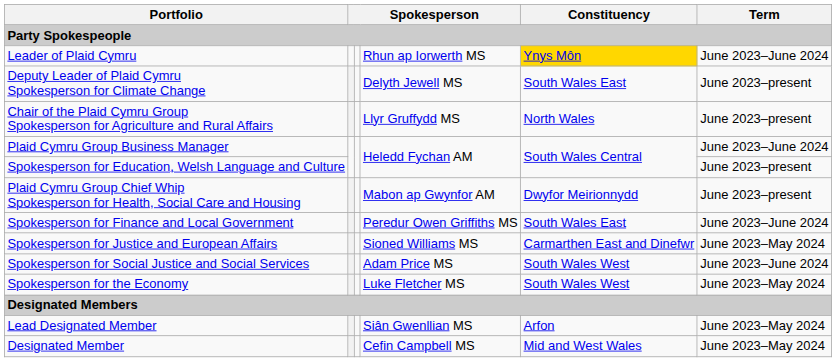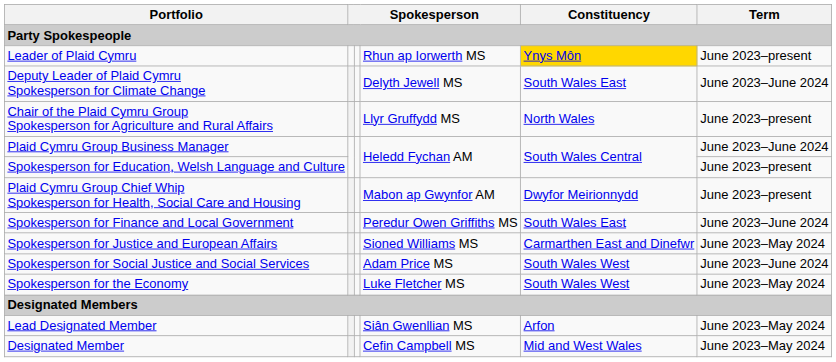 <table class="wikitable">
 <tr>
 <th colspan="1">Portfolio</th>
 <th colspan="3">Spokesperson</th>
 <th colspan="1">Constituency</th>
 <th colspan="1">Term</th>
 </tr>
 <tr>
 <td style="background:#ccc;" colspan="6"><strong>Party Spokespeople</strong></td>
 </tr>
 <tr>
 <td><a href='#'>Leader of Plaid Cymru</a></td>
 <td style="background: "></td>
 <td></td>
 <td><a href='#'>Rhun ap Iorwerth</a> MS</td>
 <td style="background: gold;"><a href='#'>Ynys Môn</a></td>
-<td>June 2023–June 2024</td>
+<td>June 2023–present</td>
 </tr>
 <tr>
 <td><a href='#'>Deputy Leader of Plaid Cymru</a><br><a href='#'>Spokesperson for Climate Change</a></td>
 <th style="background: "></th>
 <td></td>
 <td><a href='#'>Delyth Jewell</a> MS</td>
 <td><a href='#'>South Wales East</a></td>
-<td>June 2023–present</td>
+<td>June 2023–June 2024</td>
 </tr>
 <tr>
 <td><a href='#'>Chair of the Plaid Cymru Group</a><br><a href='#'>Spokesperson for Agriculture and Rural Affairs</a></td>
 <th style="background-color: "></th>
 <td></td>
 <td><a href='#'>Llyr Gruffydd</a> MS</td>
 <td><a href='#'>North Wales</a></td>
 <td>June 2023–present</td>
 </tr>
 <tr>
 <td><a href='#'>Plaid Cymru Group Business Manager</a></td>
 <td rowspan="2" style="background-color: "></td>
 <td rowspan="2"></td>
 <td rowspan="2"><a href='#'>Heledd Fychan</a> AM</td>
 <td rowspan="2"><a href='#'>South Wales Central</a></td>
 <td>June 2023–June 2024</td>
 </tr>
 <tr>
 <td><a href='#'>Spokesperson for Education, Welsh Language and Culture</a></td>
 <td>June 2023–present</td>
 </tr>
 <tr>
 <td><a href='#'>Plaid Cymru Group Chief Whip</a><br><a href='#'>Spokesperson for Health, Social Care and Housing</a></td>
 <th style="background-color: "></th>
 <td></td>
 <td><a href='#'>Mabon ap Gwynfor</a> AM</td>
 <td><a href='#'>Dwyfor Meirionnydd</a></td>
 <td>June 2023–present</td>
 </tr>
 <tr>
 <td><a href='#'>Spokesperson for Finance and Local Government</a></td>
 <th style="background-color: "></th>
 <td></td>
 <td><a href='#'>Peredur Owen Griffiths</a> MS</td>
 <td><a href='#'>South Wales East</a></td>
 <td>June 2023–June 2024</td>
 </tr>
 <tr>
 <td><a href='#'>Spokesperson for Justice and European Affairs</a></td>
 <th style="background-color: "></th>
 <td></td>
 <td><a href='#'>Sioned Williams</a> MS</td>
 <td><a href='#'>Carmarthen East and Dinefwr</a></td>
 <td>June 2023–May 2024</td>
 </tr>
 <tr>
 <td><a href='#'>Spokesperson for Social Justice and Social Services</a></td>
 <th style="background-color: "></th>
 <td></td>
 <td><a href='#'>Adam Price</a> MS</td>
 <td><a href='#'>South Wales West</a></td>
 <td>June 2023–June 2024</td>
 </tr>
 <tr>
 <td><a href='#'>Spokesperson for the Economy</a></td>
 <th style="background-color: "></th>
 <td></td>
 <td><a href='#'>Luke Fletcher</a> MS</td>
 <td><a href='#'>South Wales West</a></td>
 <td>June 2023–May 2024</td>
 </tr>
 <tr>
 <td style="background:#ccc;" colspan="6"><strong>Designated Members</strong></td>
 </tr>
 <tr>
 <td><a href='#'>Lead Designated Member</a></td>
 <th style="background-color: "></th>
 <td></td>
 <td><a href='#'>Siân Gwenllian</a> MS</td>
 <td><a href='#'>Arfon</a></td>
 <td>June 2023–May 2024</td>
 </tr>
 <tr>
 <td><a href='#'>Designated Member</a></td>
 <th style="background-color: "></th>
 <td></td>
 <td><a href='#'>Cefin Campbell</a> MS</td>
 <td><a href='#'>Mid and West Wales</a></td>
 <td>June 2023–May 2024</td>
 </tr>
 </table>
